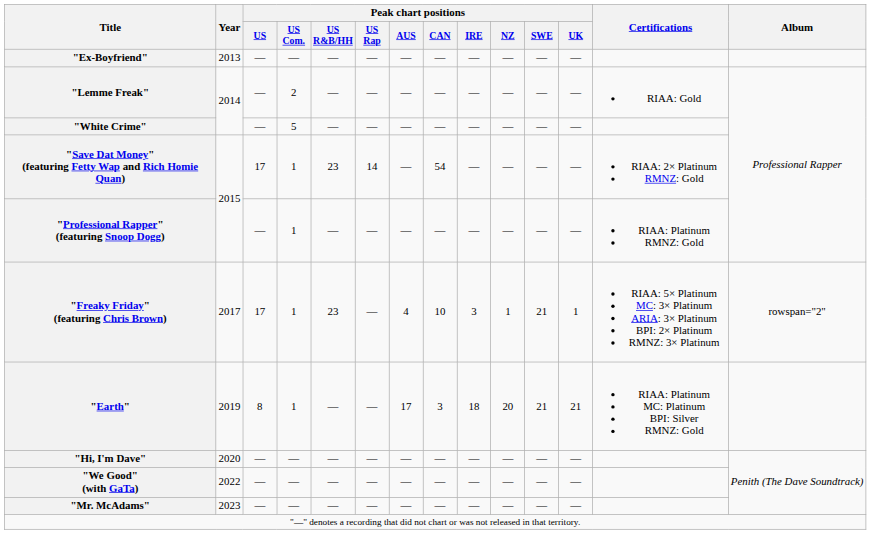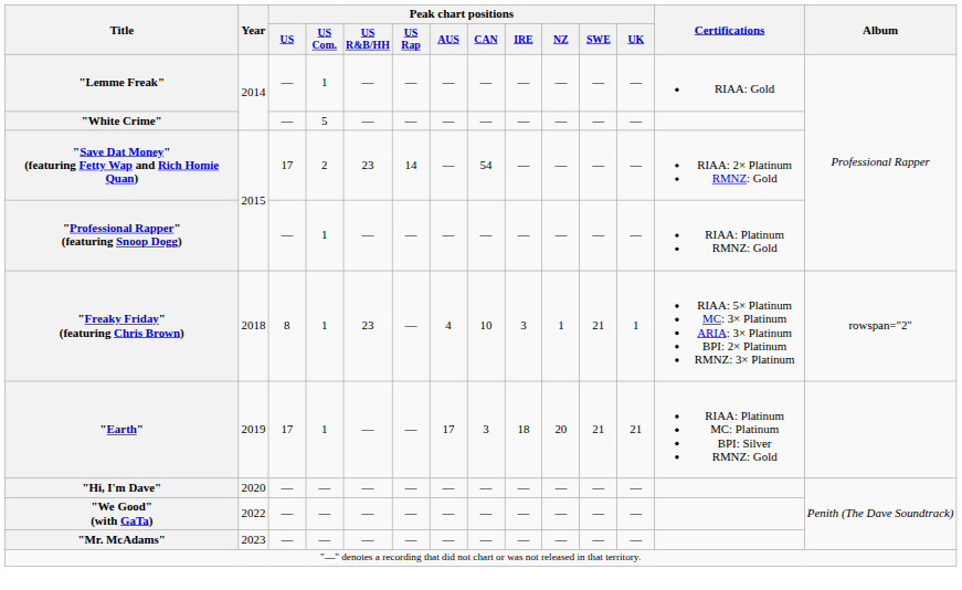 <table class="wikitable plainrowheaders" style="text-align:center;">
 <tr>
 <th scope="col" rowspan="2" style="width:19em;">Title</th>
 <th scope="col" rowspan="2">Year</th>
 <th scope="col" colspan="10">Peak chart positions</th>
 <th scope="col" rowspan="2" style="width:12em;"><a href='#'>Certifications</a></th>
 <th scope="col" rowspan="2">Album</th>
 </tr>
 <tr>
 <th scope="col" style="width:3em;font-size:90%;"><a href='#'>US</a><br></th>
 <th scope="col" style="width:3em;font-size:90%;"><a href='#'>US Com.</a><br></th>
 <th scope="col" style="width:3em;font-size:90%;"><a href='#'>US R&B/HH</a><br></th>
 <th scope="col" style="width:3em;font-size:90%;"><a href='#'>US<br>Rap</a><br></th>
 <th scope="col" style="width:3em;font-size:90%;"><a href='#'>AUS</a><br></th>
 <th scope="col" style="width:3em;font-size:90%;"><a href='#'>CAN</a><br></th>
 <th scope="col" style="width:3em;font-size:90%;"><a href='#'>IRE</a><br></th>
 <th scope="col" style="width:3em;font-size:90%;"><a href='#'>NZ</a><br></th>
 <th scope="col" style="width:3em;font-size:90%;"><a href='#'>SWE</a><br></th>
 <th scope="col" style="width:3em;font-size:90%;"><a href='#'>UK</a><br></th>
 </tr>
 <tr>
-<th scope="row">"Ex-Boyfriend"</th>
-<td>2013</td>
-<td>—</td>
-<td>—</td>
-<td>—</td>
-<td>—</td>
-<td>—</td>
-<td>—</td>
-<td>—</td>
-<td>—</td>
-<td>—</td>
-<td>—</td>
-<td></td>
-<td></td>
-</tr>
-<tr>
 <th scope="row">"Lemme Freak"</th>
 <td rowspan="2">2014</td>
 <td>—</td>
-<td>2</td>
+<td>1</td>
 <td>—</td>
 <td>—</td>
 <td>—</td>
 <td>—</td>
 <td>—</td>
 <td>—</td>
 <td>—</td>
 <td>—</td>
 <td><br><ul><li>RIAA: Gold</li></ul></td>
 <td rowspan="4"><em>Professional Rapper</em></td>
 </tr>
 <tr>
 <th scope="row">"White Crime"</th>
 <td>—</td>
 <td>5</td>
 <td>—</td>
 <td>—</td>
 <td>—</td>
 <td>—</td>
 <td>—</td>
 <td>—</td>
 <td>—</td>
 <td>—</td>
 <td></td>
 </tr>
 <tr>
 <th scope="row">"<a href='#'>Save Dat Money</a>"<br><span>(featuring <a href='#'>Fetty Wap</a> and <a href='#'>Rich Homie Quan</a>)</span></th>
 <td rowspan="2">2015</td>
 <td>17</td>
-<td>1</td>
+<td>2</td>
 <td>23</td>
 <td>14</td>
 <td>—</td>
 <td>54</td>
 <td>—</td>
 <td>—</td>
 <td>—</td>
 <td>—</td>
 <td><br><ul><li>RIAA: 2× Platinum</li><li><a href='#'>RMNZ</a>: Gold</li></ul></td>
 </tr>
 <tr>
 <th scope="row">"<a href='#'>Professional Rapper</a>"<br><span>(featuring <a href='#'>Snoop Dogg</a>)</span></th>
 <td>—</td>
 <td>1</td>
 <td>—</td>
 <td>—</td>
 <td>—</td>
 <td>—</td>
 <td>—</td>
 <td>—</td>
 <td>—</td>
 <td>—</td>
 <td><br><ul><li>RIAA: Platinum</li><li>RMNZ: Gold</li></ul></td>
 </tr>
 <tr>
 <th scope="row">"<a href='#'>Freaky Friday</a>"<br><span>(featuring <a href='#'>Chris Brown</a>)</span></th>
-<td>2017</td>
-<td>17</td>
+<td>2018</td>
+<td>8</td>
 <td>1</td>
 <td>23</td>
 <td>—</td>
 <td>4</td>
 <td>10</td>
 <td>3</td>
 <td>1</td>
 <td>21</td>
 <td>1</td>
 <td><br><ul><li>RIAA: 5× Platinum</li><li><a href='#'>MC</a>: 3× Platinum</li><li><a href='#'>ARIA</a>: 3× Platinum</li><li>BPI: 2× Platinum</li><li>RMNZ: 3× Platinum</li></ul></td>
 <td>rowspan="2" </td>
 </tr>
 <tr>
 <th scope="row">"<a href='#'>Earth</a>"</th>
 <td>2019</td>
-<td>8</td>
+<td>17</td>
 <td>1</td>
 <td>—</td>
 <td>—</td>
 <td>17<br></td>
 <td>3</td>
 <td>18<br></td>
 <td>20<br></td>
 <td>21</td>
 <td>21</td>
 <td><br><ul><li>RIAA: Platinum</li><li>MC: Platinum</li><li>BPI: Silver</li><li>RMNZ: Gold</li></ul></td>
 </tr>
 <tr>
 <th scope="row">"Hi, I'm Dave"</th>
 <td>2020</td>
 <td>—</td>
 <td>—</td>
 <td>—</td>
 <td>—</td>
 <td>—</td>
 <td>—</td>
 <td>—</td>
 <td>—</td>
 <td>—</td>
 <td>—</td>
 <td></td>
 <td rowspan="3"><em>Penith (The Dave Soundtrack)</em></td>
 </tr>
 <tr>
 <th scope="row">"We Good" <br><span>(with <a href='#'>GaTa</a>)</span></th>
 <td>2022</td>
 <td>—</td>
 <td>—</td>
 <td>—</td>
 <td>—</td>
 <td>—</td>
 <td>—</td>
 <td>—</td>
 <td>—</td>
 <td>—</td>
 <td>—</td>
 <td></td>
 </tr>
 <tr>
 <th scope="row">"Mr. McAdams"</th>
 <td>2023</td>
 <td>—</td>
 <td>—</td>
 <td>—</td>
 <td>—</td>
 <td>—</td>
 <td>—</td>
 <td>—</td>
 <td>—</td>
 <td>—</td>
 <td>—</td>
 <td></td>
 </tr>
 <tr>
 <td colspan="14" style="font-size:85%;">"—" denotes a recording that did not chart or was not released in that territory.</td>
 </tr>
 </table>
